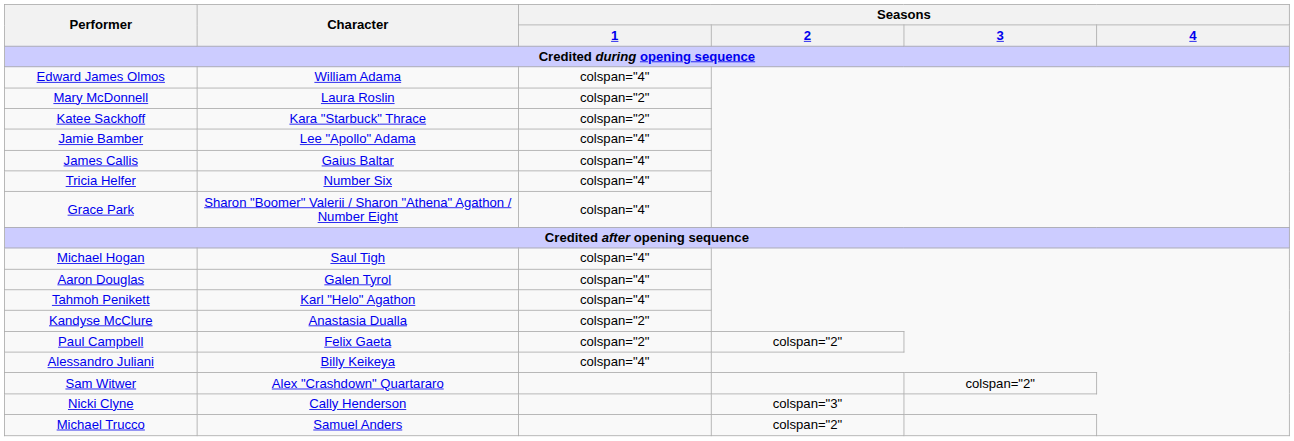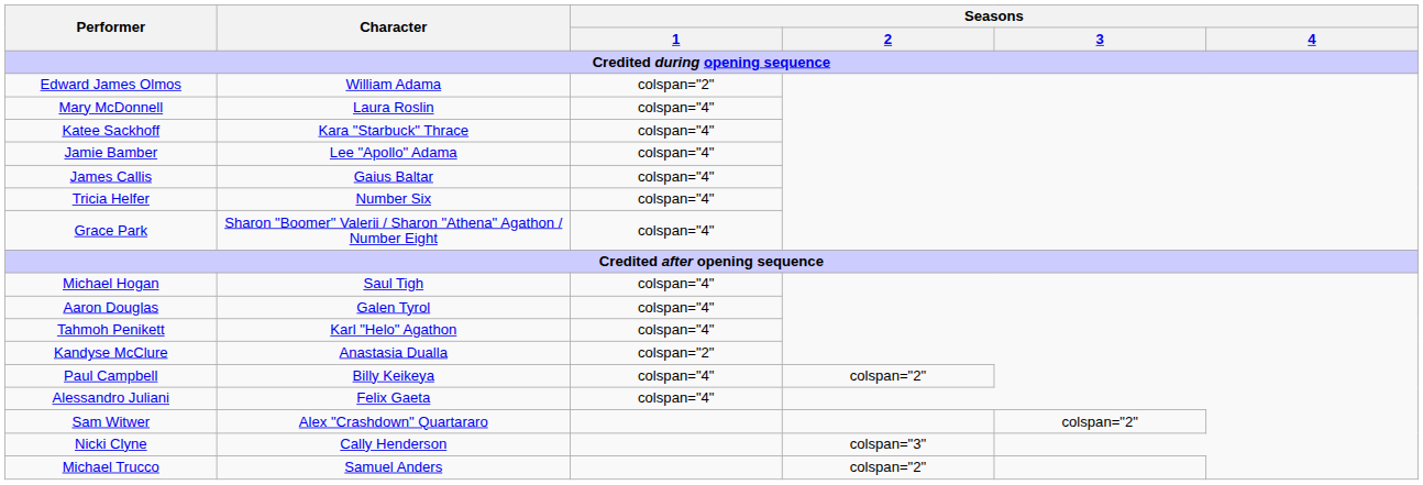 <table class="wikitable" style="text-align: center;">
 <tr>
 <th width="15%" scope="col" rowspan="2">Performer</th>
 <th width="25%" scope="col" rowspan="2">Character</th>
 <th width="25%" scope="col" colspan="4">Seasons</th>
 </tr>
 <tr>
 <th width="15%" scope="col"><a href='#'>1</a></th>
 <th width="15%" scope="col"><a href='#'>2</a></th>
 <th width="15%" scope="col"><a href='#'>3</a></th>
 <th width="15%" scope="col"><a href='#'>4</a></th>
 </tr>
 <tr>
 <td scope="row" colspan="6" style="background-color:#ccccff;"><strong>Credited <em>during</em> <a href='#'>opening sequence</a></strong></td>
 </tr>
 <tr>
 <td><a href='#'>Edward James Olmos</a></td>
 <td><a href='#'>William Adama</a></td>
-<td>colspan="4" </td>
+<td>colspan="2" </td>
 </tr>
 <tr>
 <td><a href='#'>Mary McDonnell</a></td>
 <td><a href='#'>Laura Roslin</a></td>
-<td>colspan="2" </td>
+<td>colspan="4" </td>
 </tr>
 <tr>
 <td><a href='#'>Katee Sackhoff</a></td>
 <td><a href='#'>Kara "Starbuck" Thrace</a></td>
-<td>colspan="2" </td>
+<td>colspan="4" </td>
 </tr>
 <tr>
 <td><a href='#'>Jamie Bamber</a></td>
 <td><a href='#'>Lee "Apollo" Adama</a></td>
 <td>colspan="4" </td>
 </tr>
 <tr>
 <td><a href='#'>James Callis</a></td>
 <td><a href='#'>Gaius Baltar</a></td>
 <td>colspan="4" </td>
 </tr>
 <tr>
 <td><a href='#'>Tricia Helfer</a></td>
 <td><a href='#'>Number Six</a></td>
 <td>colspan="4" </td>
 </tr>
 <tr>
 <td><a href='#'>Grace Park</a></td>
 <td><a href='#'>Sharon "Boomer" Valerii / Sharon "Athena" Agathon / Number Eight</a></td>
 <td>colspan="4" </td>
 </tr>
 <tr>
 <td scope="row" colspan="6" style="background-color:#ccccff;"><strong>Credited <em>after</em> opening sequence</strong></td>
 </tr>
 <tr>
 <td><a href='#'>Michael Hogan</a></td>
 <td><a href='#'>Saul Tigh</a></td>
 <td>colspan="4" </td>
 </tr>
 <tr>
 <td><a href='#'>Aaron Douglas</a></td>
 <td><a href='#'>Galen Tyrol</a></td>
 <td>colspan="4" </td>
 </tr>
 <tr>
 <td><a href='#'>Tahmoh Penikett</a></td>
 <td><a href='#'>Karl "Helo" Agathon</a></td>
 <td>colspan="4" </td>
 </tr>
 <tr>
 <td><a href='#'>Kandyse McClure</a></td>
 <td><a href='#'>Anastasia Dualla</a></td>
 <td>colspan="2" </td>
 </tr>
 <tr>
 <td><a href='#'>Paul Campbell</a></td>
-<td><a href='#'>Felix Gaeta</a></td>
-<td>colspan="2" </td>
+<td><a href='#'>Billy Keikeya</a></td>
+<td>colspan="4" </td>
 <td>colspan="2" </td>
 </tr>
 <tr>
 <td><a href='#'>Alessandro Juliani</a></td>
-<td><a href='#'>Billy Keikeya</a></td>
+<td><a href='#'>Felix Gaeta</a></td>
 <td>colspan="4" </td>
 </tr>
 <tr>
 <td><a href='#'>Sam Witwer</a></td>
 <td><a href='#'>Alex "Crashdown" Quartararo</a></td>
 <td></td>
 <td></td>
 <td>colspan="2" </td>
 </tr>
 <tr>
 <td><a href='#'>Nicki Clyne</a></td>
 <td><a href='#'>Cally Henderson</a></td>
 <td> </td>
 <td>colspan="3" </td>
 </tr>
 <tr>
 <td><a href='#'>Michael Trucco</a></td>
 <td><a href='#'>Samuel Anders</a></td>
 <td></td>
 <td>colspan="2"  </td>
 <td></td>
 </tr>
 </table>
